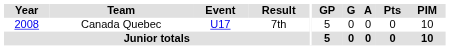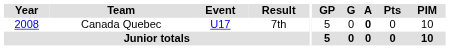 <table border="0" cellpadding="1" cellspacing="0" ID="Table3" style="text-align:center; width:40em">
 <tr ALIGN="center" bgcolor="#e0e0e0">
 <th>Year</th>
 <th>Team</th>
 <th>Event</th>
 <th>Result</th>
 <th rowspan="99" bgcolor="#ffffff"></th>
 <th>GP</th>
 <th>G</th>
 <th>A</th>
 <th>Pts</th>
 <th>PIM</th>
 </tr>
 <tr>
 <td><a href='#'>2008</a></td>
 <td>Canada Quebec</td>
 <td><a href='#'>U17</a></td>
 <td>7th</td>
 <td>5</td>
 <td>0</td>
-<td>0</td>
+<td><strong>0</strong></td>
 <td>0</td>
 <td>10</td>
 </tr>
 <tr bgcolor="#e0e0e0">
 <th colspan="4">Junior totals</th>
 <th>5</th>
 <th>0</th>
 <th>0</th>
 <th>0</th>
 <th>10</th>
 </tr>
 </table>
